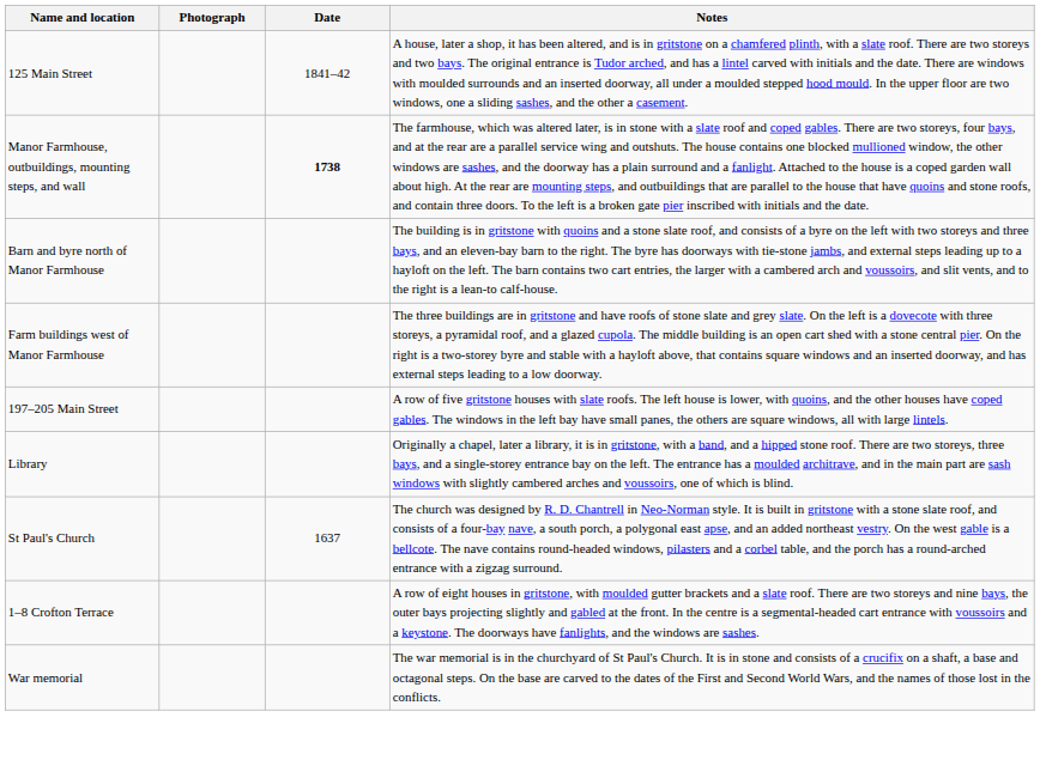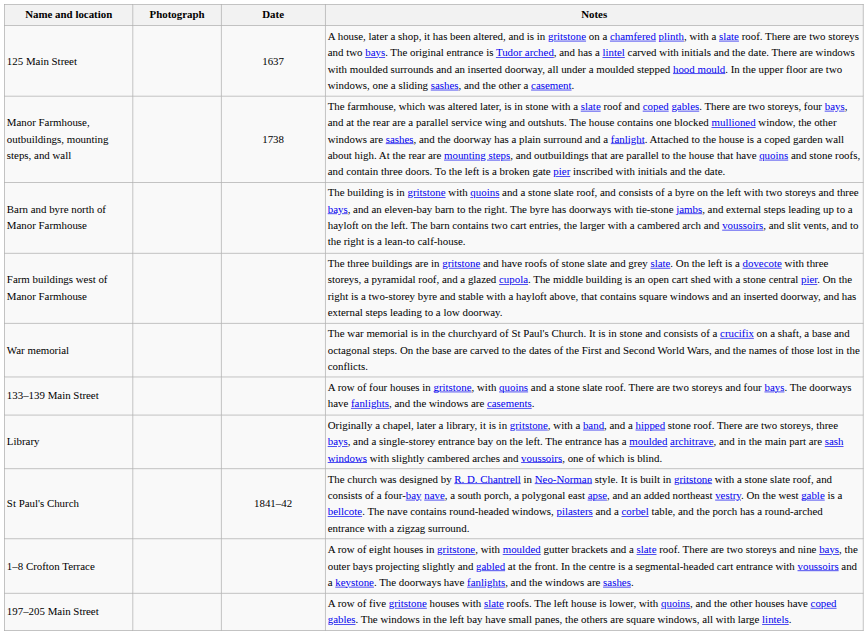 <table class="wikitable sortable plainrowheaders" style="width:100%;border:0px;text-align:left;line-height:150%;">
 <tr>
 <th scope="col"  style="width:150px">Name and location</th>
 <th scope="col"  style="width:100px" class="unsortable">Photograph</th>
 <th scope="col"  style="width:120px">Date</th>
 <th scope="col"  style="width:650px" class="unsortable">Notes</th>
 </tr>
 <tr>
 <td>125 Main Street<br><small></small></td>
 <td></td>
-<td align="center">1841–42</td>
+<td align="center">1637</td>
 <td>A house, later a shop, it has been altered, and is in <a href='#'>gritstone</a> on a <a href='#'>chamfered</a> <a href='#'>plinth</a>, with a <a href='#'>slate</a> roof.  There are two storeys and two <a href='#'>bays</a>.  The original entrance is <a href='#'>Tudor arched</a>, and has a <a href='#'>lintel</a> carved with initials and the date.  There are windows with moulded surrounds and an inserted doorway, all under a moulded stepped <a href='#'>hood mould</a>.  In the upper floor are two windows, one a sliding <a href='#'>sashes</a>, and the other a <a href='#'>casement</a>.</td>
 </tr>
 <tr>
 <td>Manor Farmhouse, outbuildings, mounting steps, and wall<br><small></small></td>
 <td></td>
-<td align="center"><strong>1738</strong></td>
+<td align="center">1738</td>
 <td>The farmhouse, which was altered later, is in stone with a <a href='#'>slate</a> roof and <a href='#'>coped</a> <a href='#'>gables</a>.  There are two storeys, four <a href='#'>bays</a>, and at the rear are a parallel service wing and outshuts.  The house contains one blocked <a href='#'>mullioned</a> window, the other windows are <a href='#'>sashes</a>, and the doorway has a plain surround and a <a href='#'>fanlight</a>.  Attached to the house is a coped garden wall about  high.  At the rear are <a href='#'>mounting steps</a>, and outbuildings that are parallel to the house that have <a href='#'>quoins</a> and stone roofs, and contain three doors.  To the left is a broken gate <a href='#'>pier</a> inscribed with initials and the date.</td>
 </tr>
 <tr>
 <td>Barn and byre north of Manor Farmhouse<br><small></small></td>
 <td></td>
 <td align="center"></td>
 <td>The building is in <a href='#'>gritstone</a> with <a href='#'>quoins</a> and a stone slate roof, and consists of a byre on the left with two storeys and three <a href='#'>bays</a>, and an eleven-bay barn to the right.  The byre has doorways with tie-stone <a href='#'>jambs</a>, and external steps leading up to a hayloft on the left.  The barn contains two cart entries, the larger with a cambered arch and <a href='#'>voussoirs</a>, and slit vents, and to the right is a lean-to calf-house.</td>
 </tr>
 <tr>
 <td>Farm buildings west of Manor Farmhouse<br><small></small></td>
 <td></td>
 <td align="center"></td>
 <td>The three buildings are in <a href='#'>gritstone</a> and have roofs of stone slate and grey <a href='#'>slate</a>.  On the left is a <a href='#'>dovecote</a> with three storeys, a pyramidal roof, and a glazed <a href='#'>cupola</a>.  The middle building is an open cart shed with a stone central <a href='#'>pier</a>.  On the right is a two-storey byre and stable with a hayloft above, that contains square windows and an inserted doorway, and has external steps leading to a low doorway.</td>
 </tr>
 <tr>
-<td>197–205 Main Street<br><small></small></td>
+<td>War memorial<br><small></small></td>
 <td></td>
 <td align="center"></td>
-<td>A row of five <a href='#'>gritstone</a> houses with <a href='#'>slate</a> roofs.  The left house is lower, with <a href='#'>quoins</a>, and the other houses have <a href='#'>coped</a> <a href='#'>gables</a>.  The windows in the left bay have small panes, the others are square windows, all with large <a href='#'>lintels</a>.</td>
+<td>The war memorial is in the churchyard of St Paul's Church.  It is in stone and consists of a <a href='#'>crucifix</a> on a shaft, a base and octagonal steps.  On the base are carved to the dates of the First and Second World Wars, and the names of those lost in the conflicts.</td>
+</tr>
+<tr>
+<td>133–139 Main Street<br><small></small></td>
+<td></td>
+<td align="center"></td>
+<td>A row of four houses in <a href='#'>gritstone</a>, with <a href='#'>quoins</a> and a stone slate roof.  There are two storeys and four <a href='#'>bays</a>.  The doorways have <a href='#'>fanlights</a>, and the windows are <a href='#'>casements</a>.</td>
 </tr>
 <tr>
 <td>Library<br><small></small></td>
 <td></td>
 <td align="center"></td>
 <td>Originally a chapel, later a library, it is in <a href='#'>gritstone</a>, with a <a href='#'>band</a>, and a <a href='#'>hipped</a> stone roof.  There are two storeys, three <a href='#'>bays</a>, and a single-storey entrance bay on the left.  The entrance has a <a href='#'>moulded</a> <a href='#'>architrave</a>, and in the main part are <a href='#'>sash windows</a> with slightly cambered arches and <a href='#'>voussoirs</a>, one of which is blind.</td>
 </tr>
 <tr>
 <td>St Paul's Church<br><small></small></td>
 <td></td>
-<td align="center">1637</td>
+<td align="center">1841–42</td>
 <td>The church was designed by <a href='#'>R. D. Chantrell</a> in <a href='#'>Neo-Norman</a> style.  It is built in <a href='#'>gritstone</a> with a stone slate roof, and consists of a four-<a href='#'>bay</a> <a href='#'>nave</a>, a south porch, a polygonal east <a href='#'>apse</a>, and an added northeast <a href='#'>vestry</a>.  On the west <a href='#'>gable</a> is a <a href='#'>bellcote</a>.  The nave contains round-headed windows, <a href='#'>pilasters</a> and a <a href='#'>corbel</a> table, and the porch has a round-arched entrance with a zigzag surround.</td>
 </tr>
 <tr>
 <td>1–8 Crofton Terrace<br><small></small></td>
 <td></td>
 <td align="center"></td>
 <td>A row of eight houses in <a href='#'>gritstone</a>, with <a href='#'>moulded</a> gutter brackets and a <a href='#'>slate</a> roof.  There are two storeys and nine <a href='#'>bays</a>, the outer bays projecting slightly and <a href='#'>gabled</a> at the front.  In the centre is a segmental-headed cart entrance with <a href='#'>voussoirs</a> and a <a href='#'>keystone</a>.  The doorways have <a href='#'>fanlights</a>, and the windows are <a href='#'>sashes</a>.</td>
 </tr>
 <tr>
-<td>War memorial<br><small></small></td>
+<td>197–205 Main Street<br><small></small></td>
 <td></td>
 <td align="center"></td>
-<td>The war memorial is in the churchyard of St Paul's Church.  It is in stone and consists of a <a href='#'>crucifix</a> on a shaft, a base and octagonal steps.  On the base are carved to the dates of the First and Second World Wars, and the names of those lost in the conflicts.</td>
+<td>A row of five <a href='#'>gritstone</a> houses with <a href='#'>slate</a> roofs.  The left house is lower, with <a href='#'>quoins</a>, and the other houses have <a href='#'>coped</a> <a href='#'>gables</a>.  The windows in the left bay have small panes, the others are square windows, all with large <a href='#'>lintels</a>.</td>
 </tr>
 <tr>
 </tr>
 </table>
